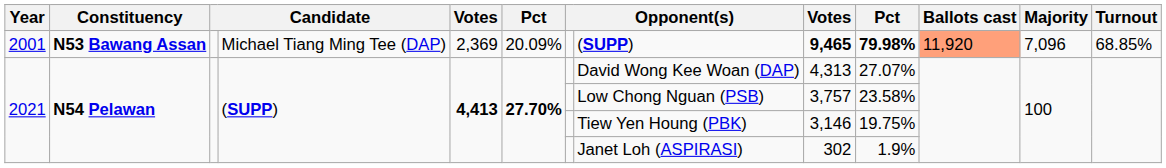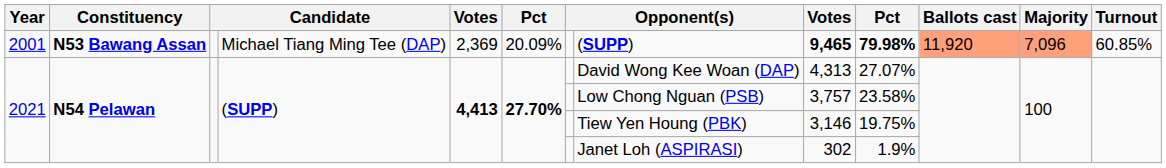 <table class="wikitable" style="margin:0.5em ; font-size:100%">
 <tr>
 <th>Year</th>
 <th>Constituency</th>
 <th colspan=2>Candidate</th>
 <th>Votes</th>
 <th>Pct</th>
 <th colspan=2>Opponent(s)</th>
 <th>Votes</th>
 <th>Pct</th>
 <th>Ballots cast</th>
 <th>Majority</th>
 <th>Turnout</th>
 </tr>
 <tr>
 <td><a href='#'>2001</a></td>
 <td><strong>N53 <a href='#'>Bawang Assan</a></strong></td>
 <td></td>
 <td>Michael Tiang Ming Tee (<a href='#'>DAP</a>)</td>
 <td style="text-align:right;">2,369</td>
 <td>20.09%</td>
 <td></td>
 <td> (<a href='#'><strong>SUPP</strong></a>)</td>
 <td style="text-align:right;"><strong>9,465</strong></td>
 <td><strong>79.98%</strong></td>
 <td style="background: lightsalmon;">11,920</td>
-<td>7,096</td>
-<td>68.85%</td>
+<td style="background: lightsalmon;">7,096</td>
+<td>60.85%</td>
 </tr>
 <tr>
 <td rowspan="4"><a href='#'>2021</a></td>
 <td rowspan="4"><strong>N54 <a href='#'>Pelawan</a></strong></td>
 <td rowspan="4" ></td>
 <td rowspan="4"> (<a href='#'><strong>SUPP</strong></a>)</td>
 <td rowspan="4" style="text-align:right;"><strong>4,413</strong></td>
 <td rowspan="4"><strong>27.70%</strong></td>
 <td></td>
 <td>David Wong Kee Woan (<a href='#'>DAP</a>)</td>
 <td style="text-align:right;">4,313</td>
 <td>27.07%</td>
 <td rowspan="4"></td>
 <td rowspan="4">100</td>
 <td rowspan="4"></td>
 </tr>
 <tr>
 <td></td>
 <td>Low Chong Nguan (<a href='#'>PSB</a>)</td>
 <td style="text-align:right;">3,757</td>
 <td>23.58%</td>
 </tr>
 <tr>
 <td></td>
 <td>Tiew Yen Houng (<a href='#'>PBK</a>)</td>
 <td style="text-align:right;">3,146</td>
 <td>19.75%</td>
 </tr>
 <tr>
 <td></td>
 <td>Janet Loh (<a href='#'>ASPIRASI</a>)</td>
 <td style="text-align:right;">302</td>
 <td style="text-align:right;">1.9%</td>
 </tr>
 </table>
